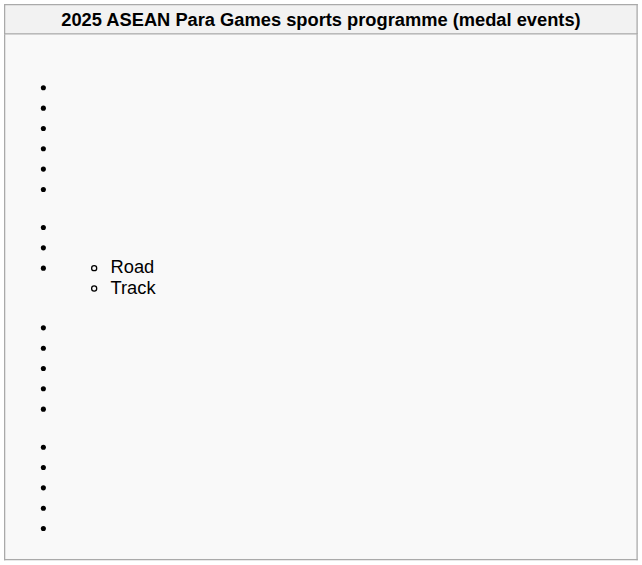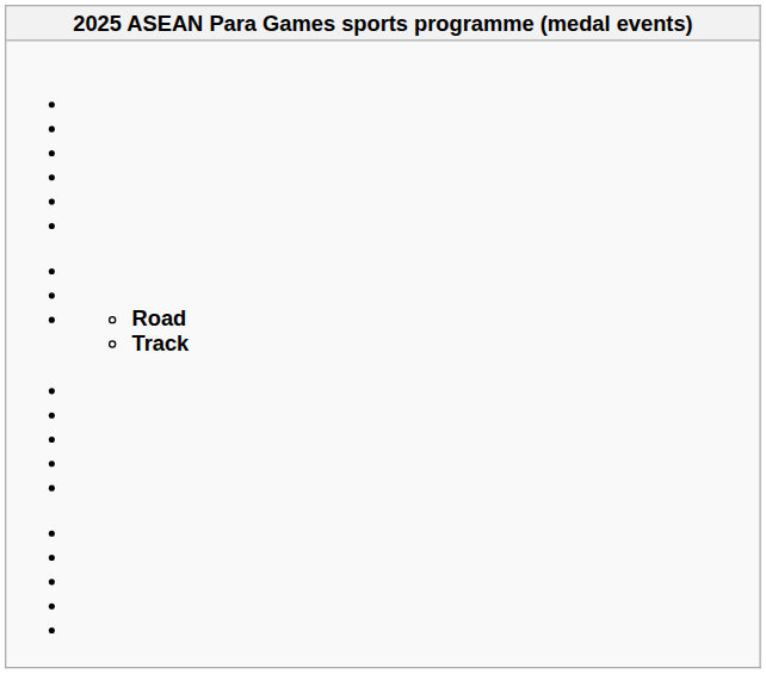 <table class="wikitable mw-collapsible" style="white-space:nowrap; width:80%; font-size:90%;">
 <tr>
 <th>2025 ASEAN Para Games sports programme (medal events)</th>
 </tr>
 <tr>
-<td><br> <ul><li></li><li></li><li></li><li></li><li></li><li></li></ul><ul><li></li><li></li><li><ul><li>Road</li><li>Track</li></ul></li></ul><ul><li></li><li></li><li></li><li></li><li></li></ul><ul><li></li><li></li><li></li><li></li><li></li></ul></td>
+<td><strong><br> <ul><li></li><li></li><li></li><li></li><li></li><li></li></ul><ul><li></li><li></li><li><ul><li>Road</li><li>Track</li></ul></li></ul><ul><li></li><li></li><li></li><li></li><li></li></ul><ul><li></li><li></li><li></li><li></li><li></li></ul></strong></td>
 </tr>
 </table>
